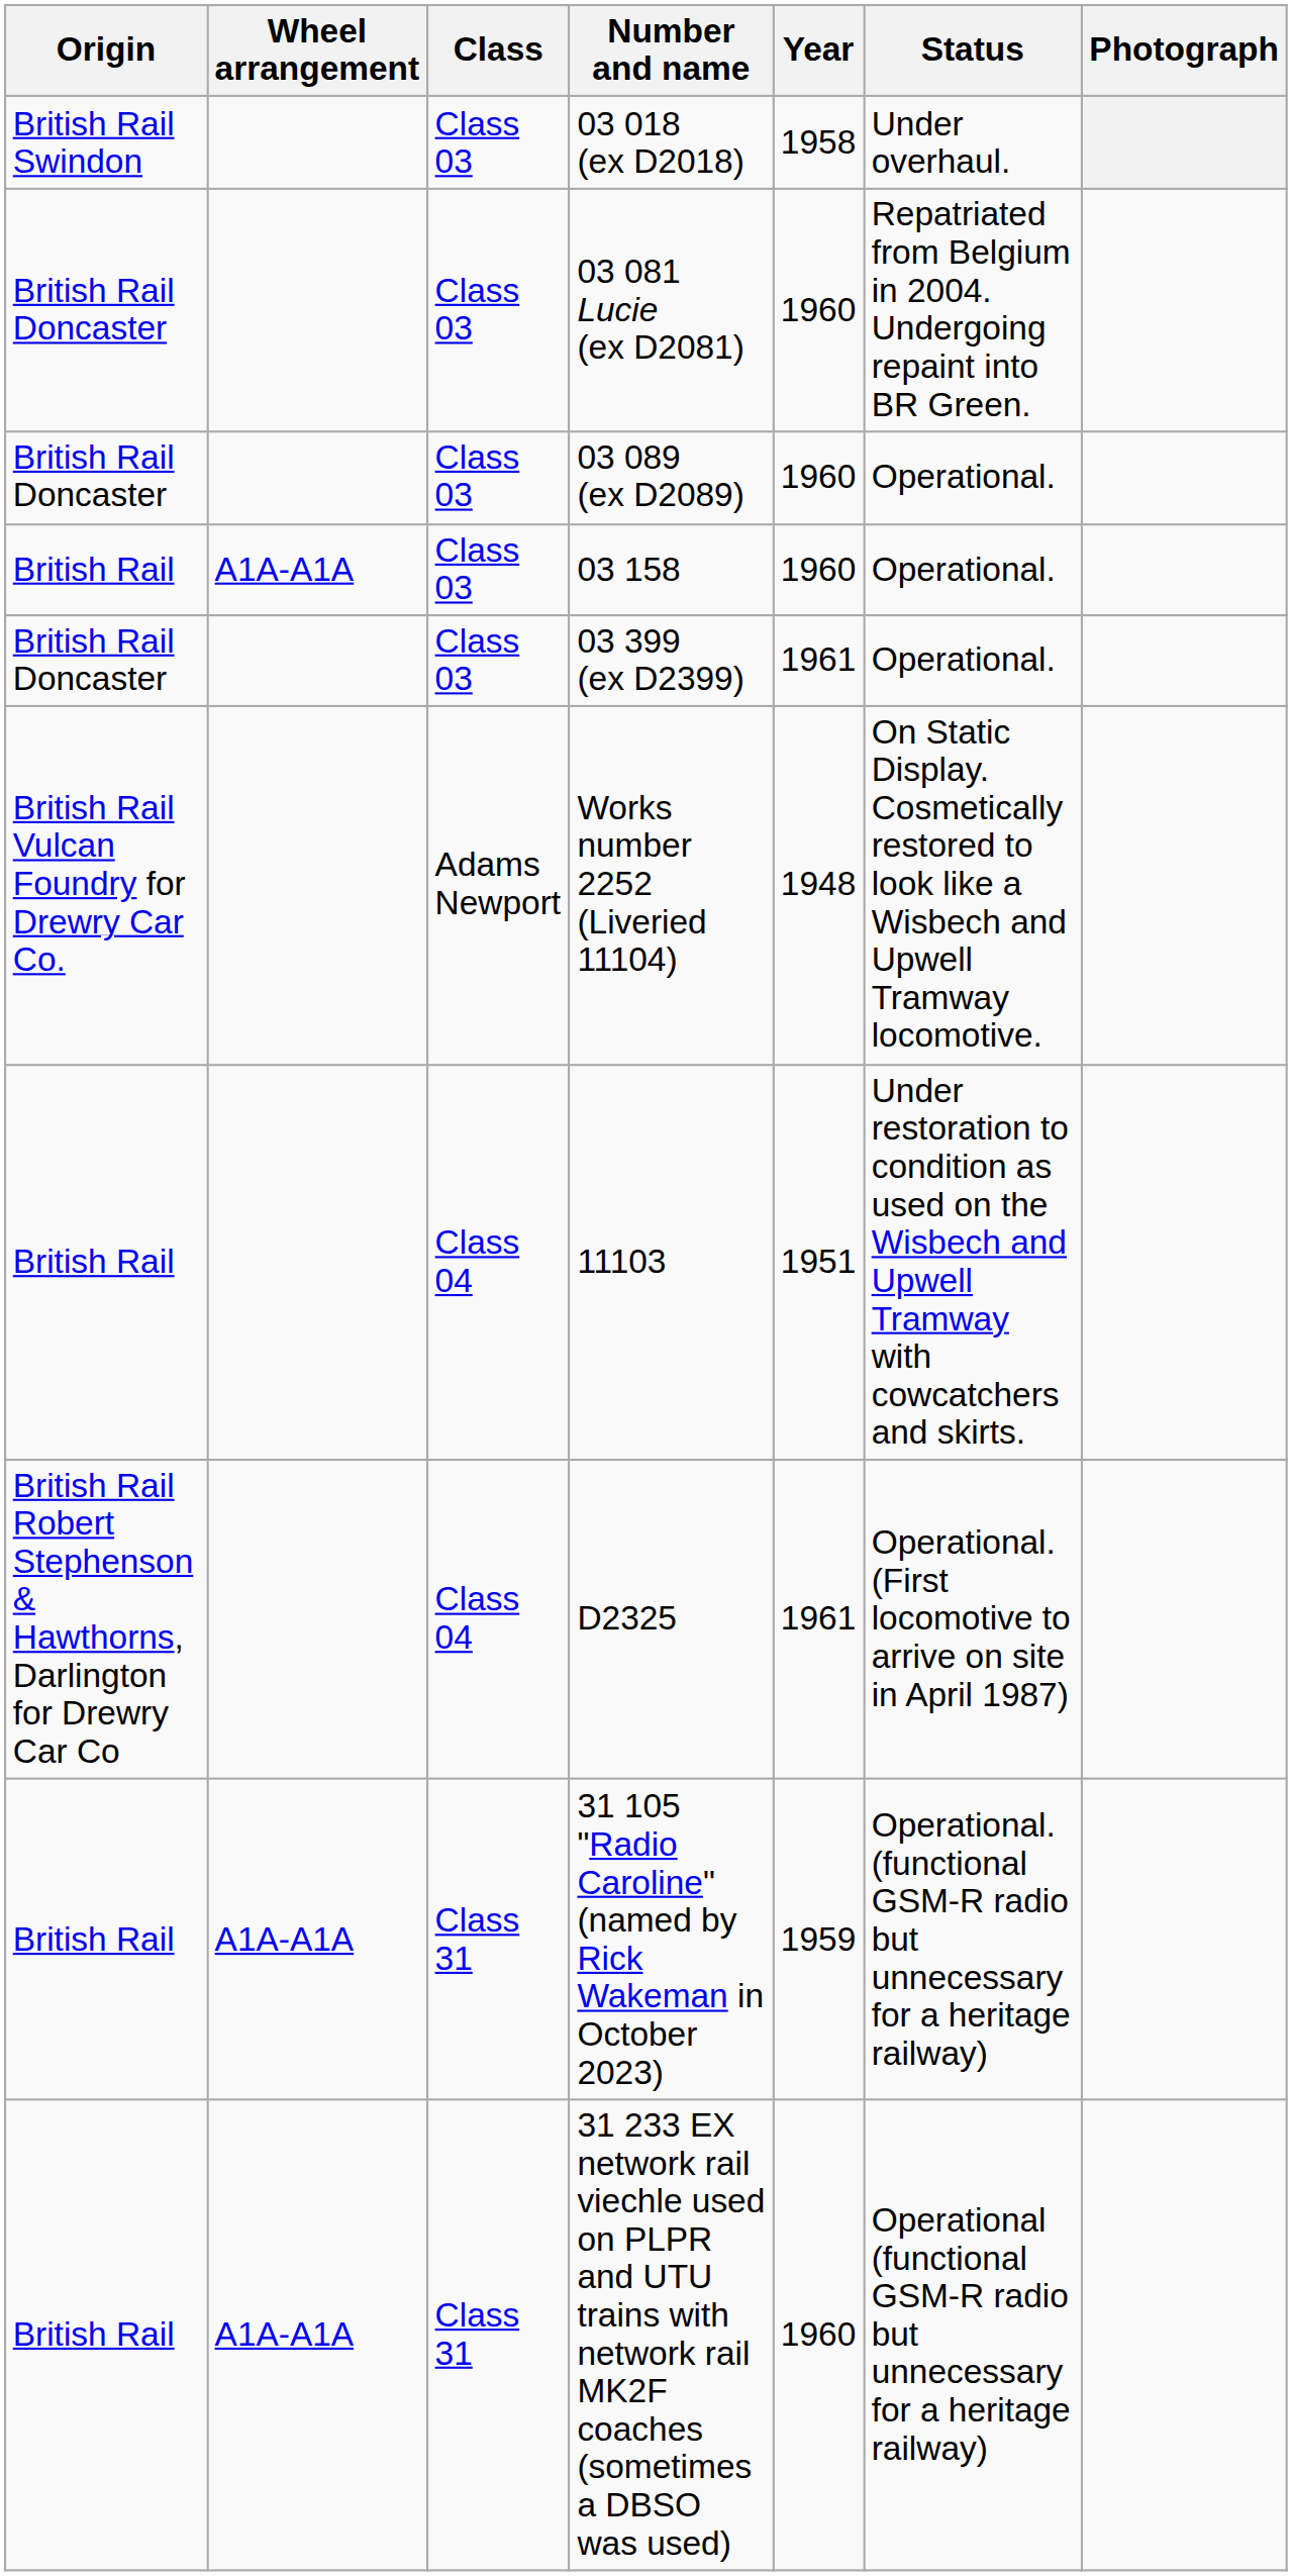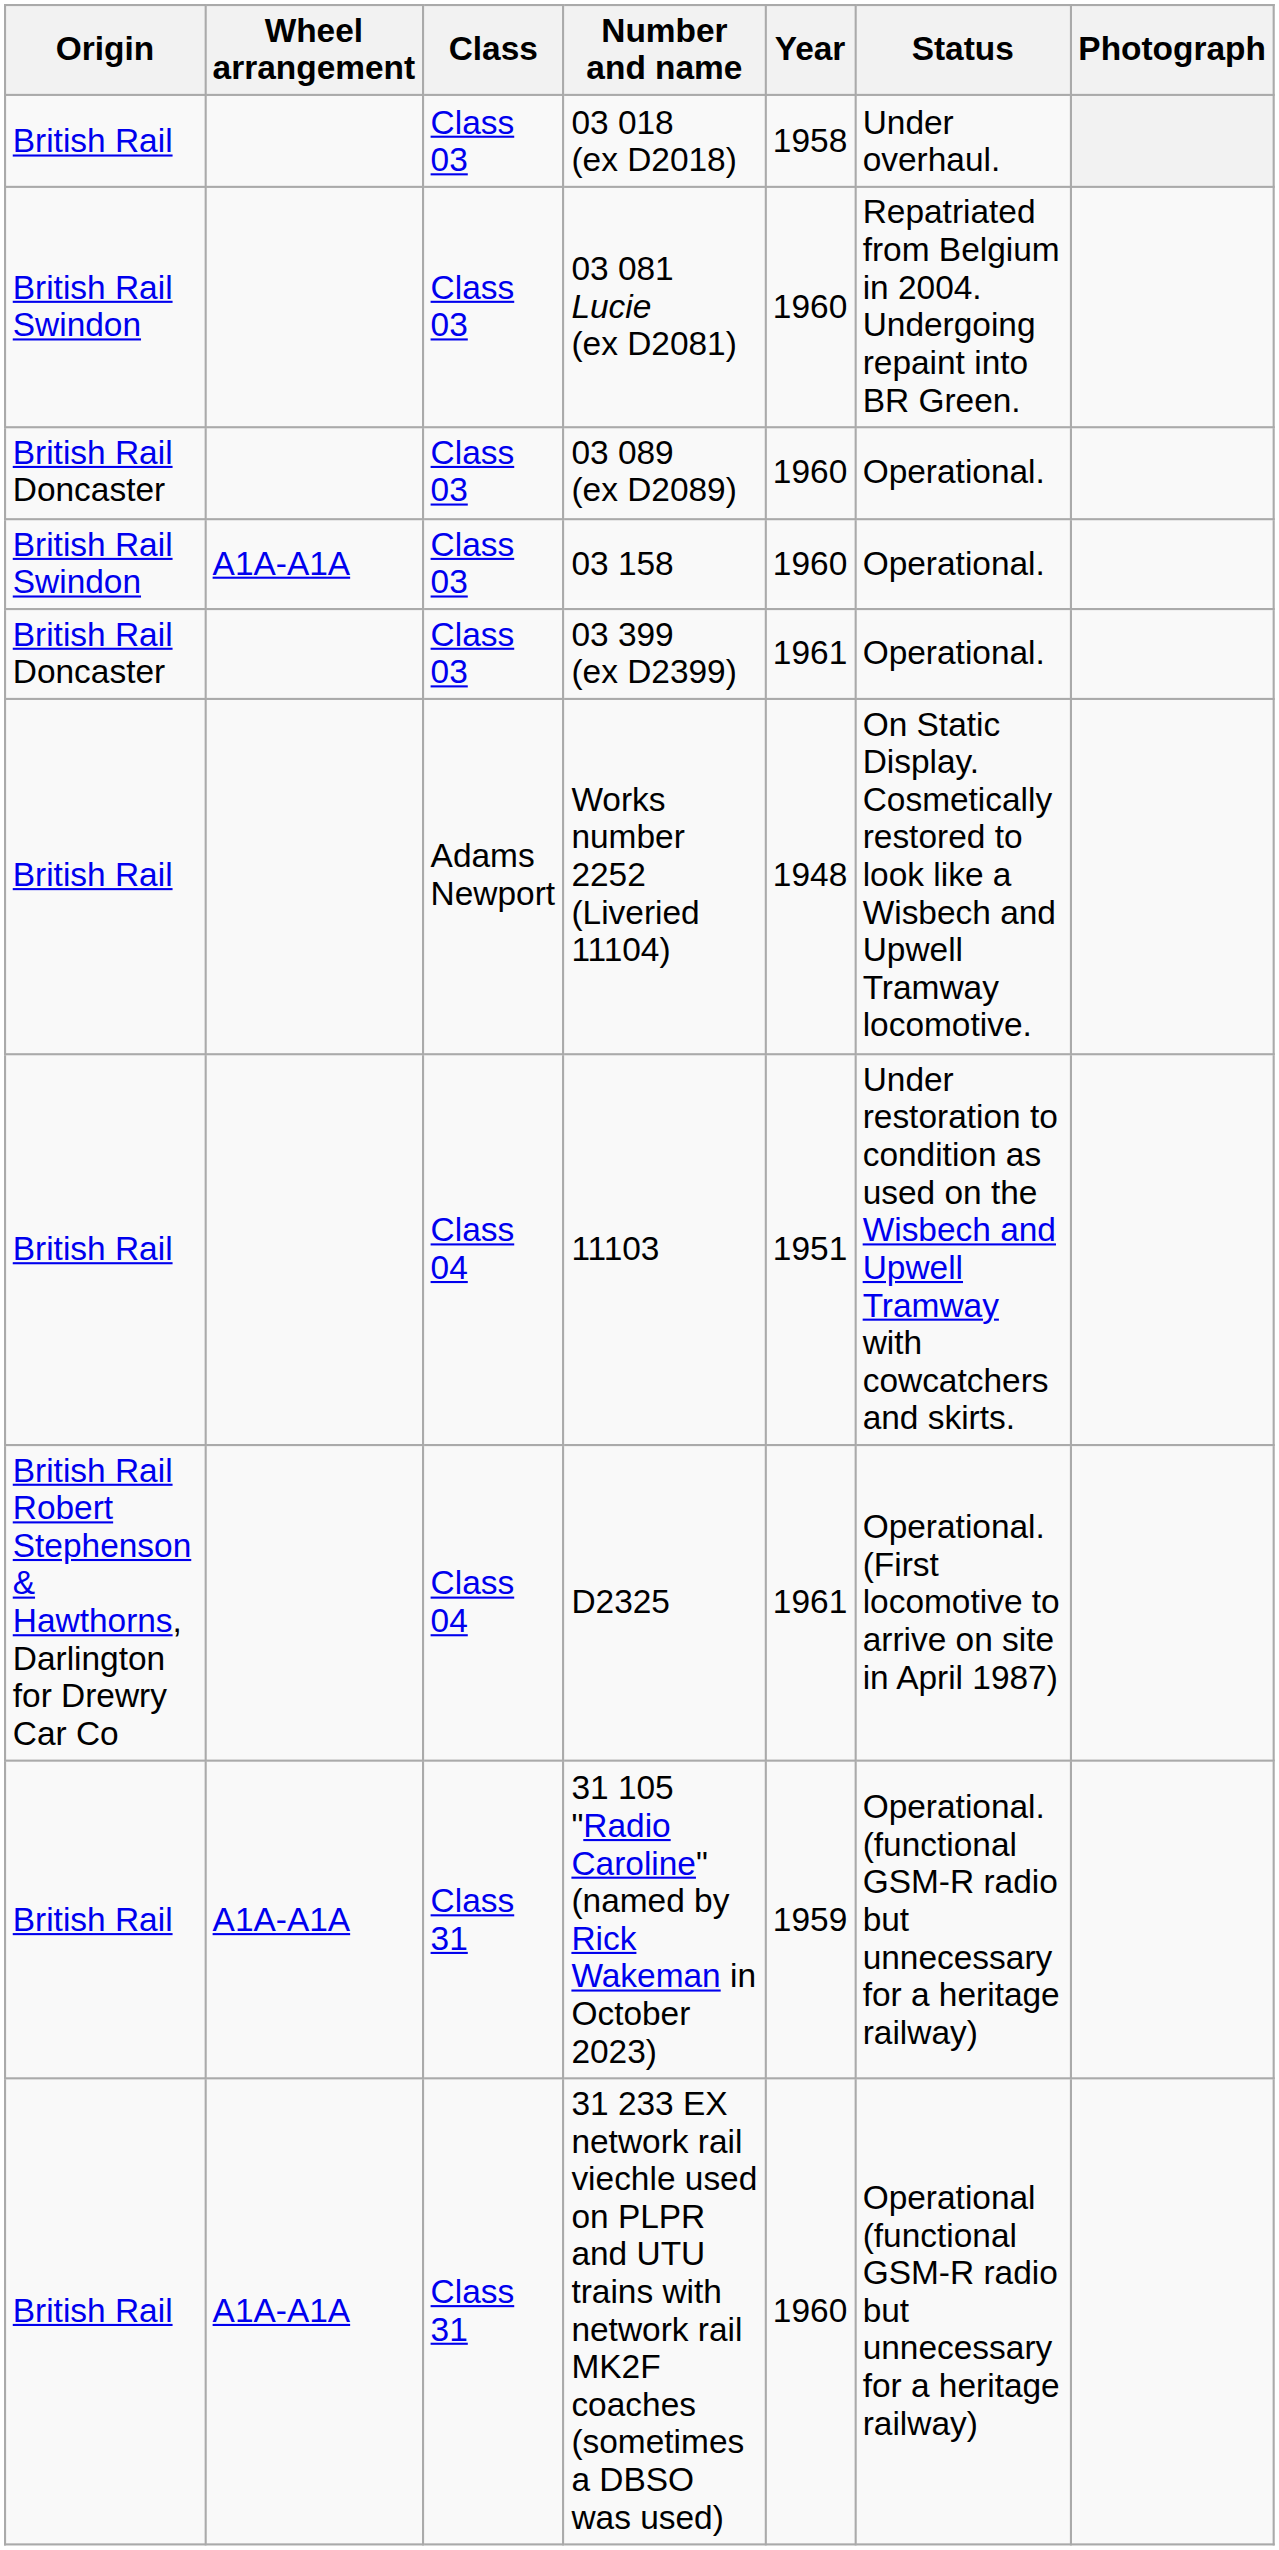 <table class="wikitable">
 <tr>
 <th>Origin</th>
 <th>Wheel<br>arrangement</th>
 <th>Class</th>
 <th>Number and name</th>
 <th>Year</th>
 <th>Status</th>
 <th>Photograph</th>
 </tr>
 <tr>
-<td><a href='#'>British Rail</a> <a href='#'>Swindon</a></td>
+<td><a href='#'>British Rail</a></td>
 <td></td>
 <td><a href='#'>Class 03</a></td>
 <td>03 018<br>(ex D2018)</td>
 <td>1958</td>
 <td>Under overhaul.</td>
 <th></th>
 </tr>
 <tr>
-<td><a href='#'>British Rail</a> <a href='#'>Doncaster</a></td>
+<td><a href='#'>British Rail</a> <a href='#'>Swindon</a></td>
 <td></td>
 <td><a href='#'>Class 03</a></td>
 <td>03 081 <em>Lucie</em><br>(ex D2081)</td>
 <td>1960</td>
 <td>Repatriated from Belgium in 2004. Undergoing repaint into BR Green.</td>
 <td></td>
 </tr>
 <tr>
 <td><a href='#'>British Rail</a> Doncaster</td>
 <td></td>
 <td><a href='#'>Class 03</a></td>
 <td>03 089<br>(ex D2089)</td>
 <td>1960</td>
 <td>Operational.</td>
 <td></td>
 </tr>
 <tr>
-<td><a href='#'>British Rail</a></td>
+<td><a href='#'>British Rail</a> <a href='#'>Swindon</a></td>
 <td><a href='#'>A1A-A1A</a></td>
 <td><a href='#'>Class 03</a></td>
 <td>03 158</td>
 <td>1960</td>
 <td>Operational.</td>
 <td></td>
 </tr>
 <tr>
 <td><a href='#'>British Rail</a> Doncaster</td>
 <td></td>
 <td><a href='#'>Class 03</a></td>
 <td>03 399<br>(ex D2399)</td>
 <td>1961</td>
 <td>Operational.</td>
 <td></td>
 </tr>
 <tr>
-<td><a href='#'>British Rail</a><br><a href='#'>Vulcan Foundry</a> for <a href='#'>Drewry Car Co.</a></td>
+<td><a href='#'>British Rail</a></td>
 <td></td>
 <td>Adams Newport</td>
 <td>Works number 2252   (Liveried 11104)</td>
 <td>1948</td>
 <td>On Static Display. Cosmetically restored to look like a Wisbech and Upwell Tramway locomotive.</td>
 <td></td>
 </tr>
 <tr>
 <td><a href='#'>British Rail</a></td>
 <td></td>
 <td><a href='#'>Class 04</a></td>
 <td>11103</td>
 <td>1951</td>
 <td>Under restoration to condition as used on the <a href='#'>Wisbech and Upwell Tramway</a> with cowcatchers and skirts. </td>
 <td></td>
 </tr>
 <tr>
 <td><a href='#'>British Rail</a><br><a href='#'>Robert Stephenson & Hawthorns</a>, Darlington for Drewry Car Co</td>
 <td></td>
 <td><a href='#'>Class 04</a></td>
 <td>D2325</td>
 <td>1961</td>
 <td>Operational. (First locomotive to arrive on site in April 1987)</td>
 <td></td>
 </tr>
 <tr>
 <td><a href='#'>British Rail</a></td>
 <td><a href='#'>A1A-A1A</a></td>
 <td><a href='#'>Class 31</a></td>
 <td>31 105<br>"<a href='#'>Radio Caroline</a>" (named by <a href='#'>Rick Wakeman</a> in October 2023)</td>
 <td>1959</td>
 <td>Operational.(functional GSM-R radio but unnecessary for a heritage railway)</td>
 <td></td>
 </tr>
 <tr>
 <td><a href='#'>British Rail</a></td>
 <td><a href='#'>A1A-A1A</a></td>
 <td><a href='#'>Class 31</a></td>
 <td>31 233 EX network rail viechle used on PLPR and UTU trains with network rail MK2F coaches (sometimes a DBSO was used)</td>
 <td>1960</td>
 <td>Operational (functional GSM-R radio but unnecessary for a heritage railway)</td>
 <td></td>
 </tr>
 </table>
